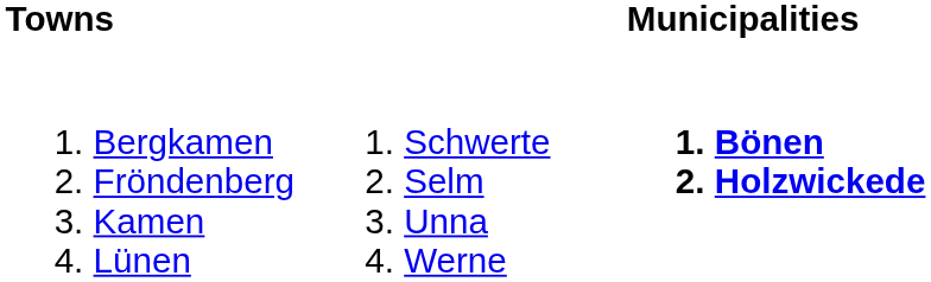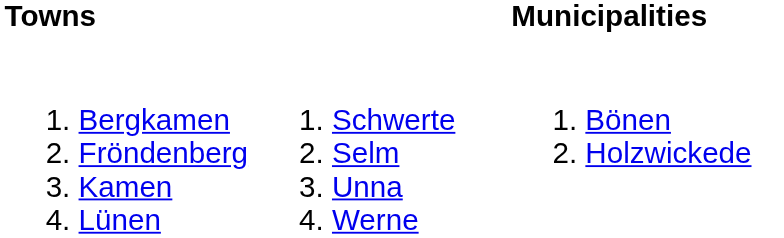 <table>
 <tr>
 <th colspan=2 align=left>Towns</th>
 <th align=left>Municipalities</th>
 </tr>
 <tr valign=top>
 <td width=33%><br><ol><li><a href='#'>Bergkamen</a></li><li><a href='#'>Fröndenberg</a></li><li><a href='#'>Kamen</a></li><li><a href='#'>Lünen</a></li></ol></td>
 <td width=33%><br><ol> <li><a href='#'>Schwerte</a> <li><a href='#'>Selm</a> <li><a href='#'>Unna</a> <li><a href='#'>Werne</a> </ol></td>
-<td width=33%><strong><br><ol><li><a href='#'>Bönen</a></li><li><a href='#'>Holzwickede</a></li></ol></strong></td>
+<td width=33%><br><ol><li><a href='#'>Bönen</a></li><li><a href='#'>Holzwickede</a></li></ol></td>
 </tr>
 </table>
